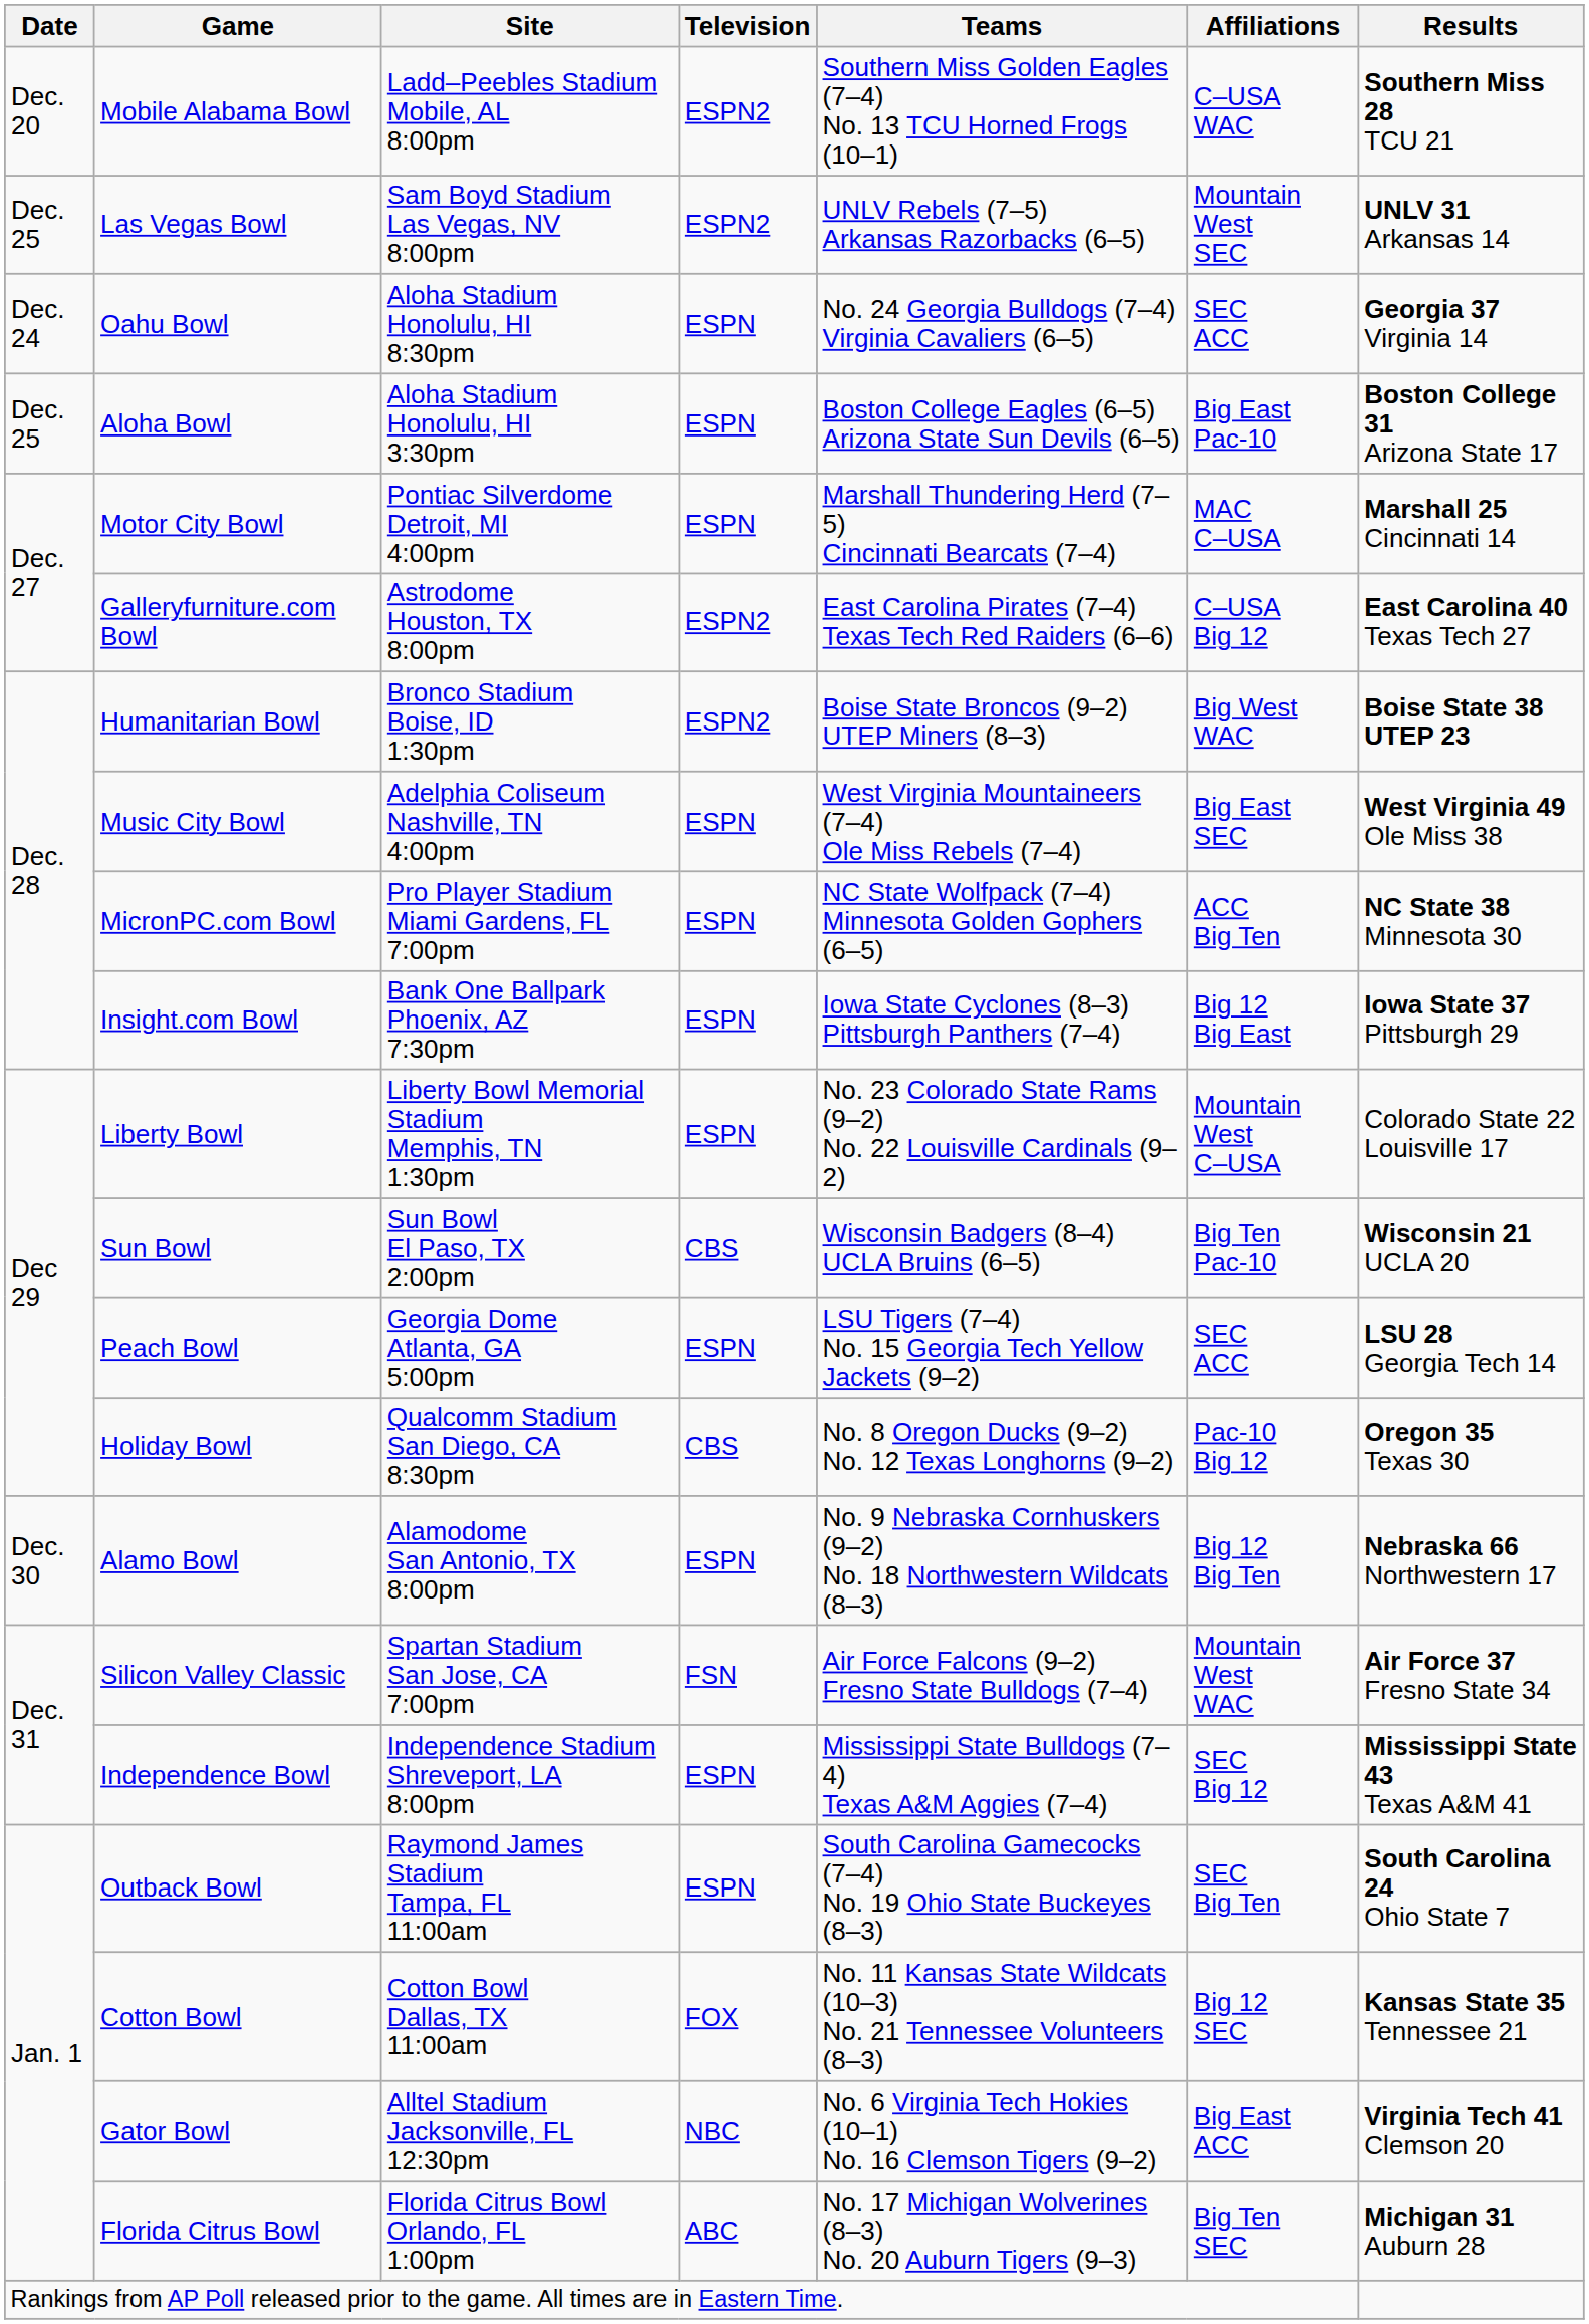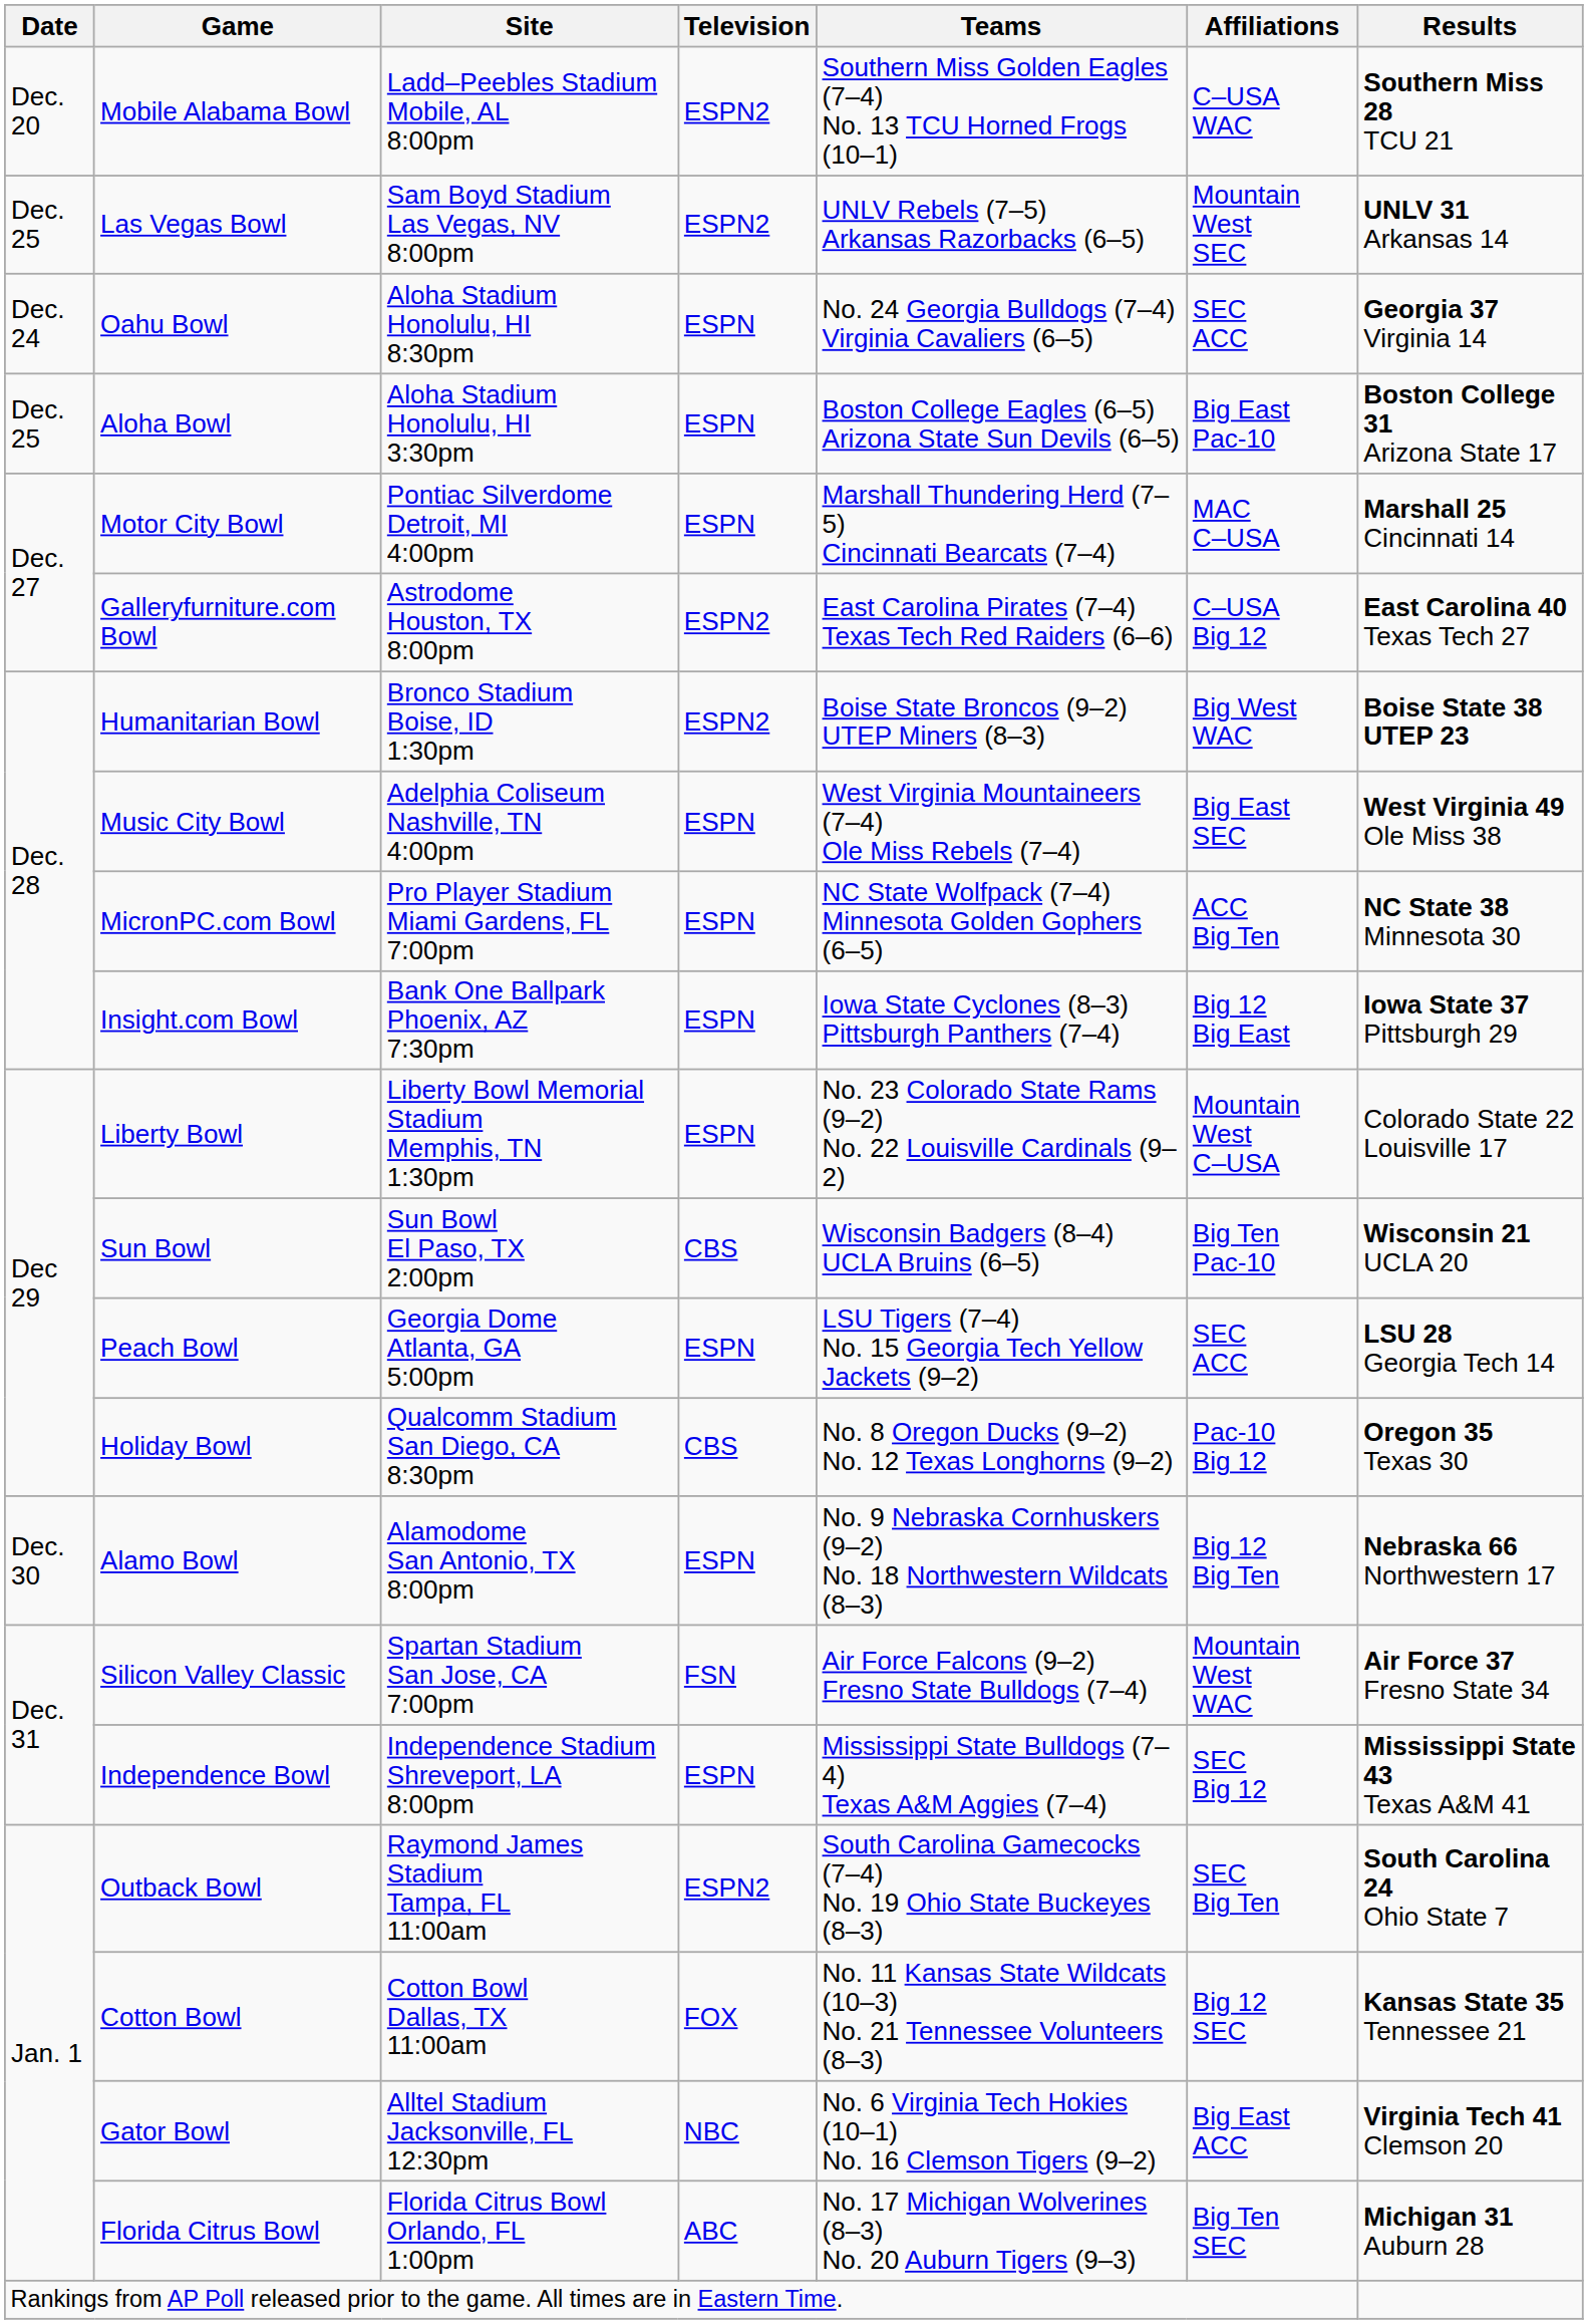 <table class="wikitable" style="font-size:90%">
 <tr>
 <th>Date</th>
 <th>Game</th>
 <th>Site</th>
 <th>Television</th>
 <th>Teams</th>
 <th>Affiliations</th>
 <th>Results</th>
 </tr>
 <tr>
 <td>Dec. 20</td>
 <td><a href='#'>Mobile Alabama Bowl</a></td>
 <td><a href='#'>Ladd–Peebles Stadium</a><br><a href='#'>Mobile, AL</a><br>8:00pm</td>
 <td><a href='#'>ESPN2</a></td>
 <td><a href='#'>Southern Miss Golden Eagles</a> (7–4)<br>No. 13 <a href='#'>TCU Horned Frogs</a> (10–1)</td>
 <td><a href='#'>C–USA</a><br><a href='#'>WAC</a></td>
 <td><strong>Southern Miss 28</strong><br>TCU 21</td>
 </tr>
 <tr>
 <td>Dec. 25</td>
 <td><a href='#'>Las Vegas Bowl</a></td>
 <td><a href='#'>Sam Boyd Stadium</a><br><a href='#'>Las Vegas, NV</a><br>8:00pm</td>
 <td><a href='#'>ESPN2</a></td>
 <td><a href='#'>UNLV Rebels</a> (7–5)<br><a href='#'>Arkansas Razorbacks</a> (6–5)</td>
 <td><a href='#'>Mountain West</a><br><a href='#'>SEC</a></td>
 <td><strong>UNLV 31</strong><br>Arkansas 14</td>
 </tr>
 <tr>
 <td>Dec. 24</td>
 <td><a href='#'>Oahu Bowl</a></td>
 <td><a href='#'>Aloha Stadium</a><br><a href='#'>Honolulu, HI</a><br>8:30pm</td>
 <td><a href='#'>ESPN</a></td>
 <td>No. 24 <a href='#'>Georgia Bulldogs</a> (7–4)<br><a href='#'>Virginia Cavaliers</a> (6–5)</td>
 <td><a href='#'>SEC</a><br><a href='#'>ACC</a></td>
 <td><strong>Georgia 37</strong><br>Virginia 14</td>
 </tr>
 <tr>
 <td>Dec. 25</td>
 <td><a href='#'>Aloha Bowl</a></td>
 <td><a href='#'>Aloha Stadium</a><br><a href='#'>Honolulu, HI</a><br>3:30pm</td>
 <td><a href='#'>ESPN</a></td>
 <td><a href='#'>Boston College Eagles</a> (6–5)<br><a href='#'>Arizona State Sun Devils</a> (6–5)</td>
 <td><a href='#'>Big East</a><br><a href='#'>Pac-10</a></td>
 <td><strong>Boston College 31</strong><br>Arizona State 17</td>
 </tr>
 <tr>
 <td rowspan=2>Dec. 27</td>
 <td><a href='#'>Motor City Bowl</a></td>
 <td><a href='#'>Pontiac Silverdome</a><br><a href='#'>Detroit, MI</a><br>4:00pm</td>
 <td><a href='#'>ESPN</a></td>
 <td><a href='#'>Marshall Thundering Herd</a> (7–5)<br><a href='#'>Cincinnati Bearcats</a> (7–4)</td>
 <td><a href='#'>MAC</a><br><a href='#'>C–USA</a></td>
 <td><strong>Marshall 25</strong><br>Cincinnati 14</td>
 </tr>
 <tr>
 <td><a href='#'>Galleryfurniture.com Bowl</a></td>
 <td><a href='#'>Astrodome</a><br><a href='#'>Houston, TX</a><br>8:00pm</td>
 <td><a href='#'>ESPN2</a></td>
 <td><a href='#'>East Carolina Pirates</a> (7–4)<br><a href='#'>Texas Tech Red Raiders</a> (6–6)</td>
 <td><a href='#'>C–USA</a><br><a href='#'>Big 12</a></td>
 <td><strong>East Carolina 40</strong><br>Texas Tech 27</td>
 </tr>
 <tr>
 <td rowspan=4>Dec. 28</td>
 <td><a href='#'>Humanitarian Bowl</a></td>
 <td><a href='#'>Bronco Stadium</a><br><a href='#'>Boise, ID</a><br>1:30pm</td>
 <td><a href='#'>ESPN2</a></td>
 <td><a href='#'>Boise State Broncos</a> (9–2)<br><a href='#'>UTEP Miners</a> (8–3)</td>
 <td><a href='#'>Big West</a><br><a href='#'>WAC</a></td>
 <td><strong>Boise State 38<br>UTEP 23</strong></td>
 </tr>
 <tr>
 <td><a href='#'>Music City Bowl</a></td>
 <td><a href='#'>Adelphia Coliseum</a><br><a href='#'>Nashville, TN</a><br>4:00pm</td>
 <td><a href='#'>ESPN</a></td>
 <td><a href='#'>West Virginia Mountaineers</a> (7–4)<br><a href='#'>Ole Miss Rebels</a> (7–4)</td>
 <td><a href='#'>Big East</a><br><a href='#'>SEC</a></td>
 <td><strong>West Virginia 49</strong><br>Ole Miss 38</td>
 </tr>
 <tr>
 <td><a href='#'>MicronPC.com Bowl</a></td>
 <td><a href='#'>Pro Player Stadium</a><br><a href='#'>Miami Gardens, FL</a><br>7:00pm</td>
 <td><a href='#'>ESPN</a></td>
 <td><a href='#'>NC State Wolfpack</a> (7–4)<br><a href='#'>Minnesota Golden Gophers</a> (6–5)</td>
 <td><a href='#'>ACC</a><br><a href='#'>Big Ten</a></td>
 <td><strong>NC State 38</strong><br>Minnesota 30</td>
 </tr>
 <tr>
 <td><a href='#'>Insight.com Bowl</a></td>
 <td><a href='#'>Bank One Ballpark</a><br><a href='#'>Phoenix, AZ</a><br>7:30pm</td>
 <td><a href='#'>ESPN</a></td>
 <td><a href='#'>Iowa State Cyclones</a> (8–3)<br><a href='#'>Pittsburgh Panthers</a> (7–4)</td>
 <td><a href='#'>Big 12</a><br><a href='#'>Big East</a></td>
 <td><strong>Iowa State 37</strong><br>Pittsburgh 29</td>
 </tr>
 <tr>
 <td rowspan=4>Dec 29</td>
 <td><a href='#'>Liberty Bowl</a></td>
 <td><a href='#'>Liberty Bowl Memorial Stadium</a><br><a href='#'>Memphis, TN</a><br>1:30pm</td>
 <td><a href='#'>ESPN</a></td>
 <td>No. 23 <a href='#'>Colorado State Rams</a> (9–2)<br>No. 22 <a href='#'>Louisville Cardinals</a> (9–2)</td>
 <td><a href='#'>Mountain West</a><br><a href='#'>C–USA</a></td>
 <td>Colorado State 22<br>Louisville 17</td>
 </tr>
 <tr>
 <td><a href='#'>Sun Bowl</a></td>
 <td><a href='#'>Sun Bowl</a><br><a href='#'>El Paso, TX</a><br>2:00pm</td>
 <td><a href='#'>CBS</a></td>
 <td><a href='#'>Wisconsin Badgers</a> (8–4)<br><a href='#'>UCLA Bruins</a> (6–5)</td>
 <td><a href='#'>Big Ten</a><br><a href='#'>Pac-10</a></td>
 <td><strong>Wisconsin 21</strong><br>UCLA 20</td>
 </tr>
 <tr>
 <td><a href='#'>Peach Bowl</a></td>
 <td><a href='#'>Georgia Dome</a><br><a href='#'>Atlanta, GA</a><br>5:00pm</td>
 <td><a href='#'>ESPN</a></td>
 <td><a href='#'>LSU Tigers</a> (7–4)<br>No. 15 <a href='#'>Georgia Tech Yellow Jackets</a> (9–2)</td>
 <td><a href='#'>SEC</a><br><a href='#'>ACC</a></td>
 <td><strong>LSU 28</strong><br>Georgia Tech 14</td>
 </tr>
 <tr>
 <td><a href='#'>Holiday Bowl</a></td>
 <td><a href='#'>Qualcomm Stadium</a><br><a href='#'>San Diego, CA</a><br>8:30pm</td>
 <td><a href='#'>CBS</a></td>
 <td>No. 8 <a href='#'>Oregon Ducks</a> (9–2)<br>No. 12 <a href='#'>Texas Longhorns</a> (9–2)</td>
 <td><a href='#'>Pac-10</a><br><a href='#'>Big 12</a></td>
 <td><strong>Oregon 35</strong><br>Texas 30</td>
 </tr>
 <tr>
 <td>Dec. 30</td>
 <td><a href='#'>Alamo Bowl</a></td>
 <td><a href='#'>Alamodome</a><br><a href='#'>San Antonio, TX</a><br>8:00pm</td>
 <td><a href='#'>ESPN</a></td>
 <td>No. 9 <a href='#'>Nebraska Cornhuskers</a> (9–2)<br>No. 18 <a href='#'>Northwestern Wildcats</a> (8–3)</td>
 <td><a href='#'>Big 12</a><br><a href='#'>Big Ten</a></td>
 <td><strong>Nebraska 66</strong><br>Northwestern 17</td>
 </tr>
 <tr>
 <td rowspan=2>Dec. 31</td>
 <td><a href='#'>Silicon Valley Classic</a></td>
 <td><a href='#'>Spartan Stadium</a><br><a href='#'>San Jose, CA</a><br>7:00pm</td>
 <td><a href='#'>FSN</a></td>
 <td><a href='#'>Air Force Falcons</a> (9–2)<br><a href='#'>Fresno State Bulldogs</a> (7–4)</td>
 <td><a href='#'>Mountain West</a><br><a href='#'>WAC</a></td>
 <td><strong>Air Force 37</strong><br>Fresno State 34</td>
 </tr>
 <tr>
 <td><a href='#'>Independence Bowl</a></td>
 <td><a href='#'>Independence Stadium</a><br><a href='#'>Shreveport, LA</a><br>8:00pm</td>
 <td><a href='#'>ESPN</a></td>
 <td><a href='#'>Mississippi State Bulldogs</a> (7–4)<br><a href='#'>Texas A&M Aggies</a> (7–4)</td>
 <td><a href='#'>SEC</a><br><a href='#'>Big 12</a></td>
 <td><strong>Mississippi State 43</strong><br>Texas A&M 41</td>
 </tr>
 <tr>
 <td rowspan=4>Jan. 1</td>
 <td><a href='#'>Outback Bowl</a></td>
 <td><a href='#'>Raymond James Stadium</a><br><a href='#'>Tampa, FL</a><br>11:00am</td>
-<td><a href='#'>ESPN</a></td>
+<td><a href='#'>ESPN2</a></td>
 <td><a href='#'>South Carolina Gamecocks</a> (7–4)<br>No. 19 <a href='#'>Ohio State Buckeyes</a> (8–3)</td>
 <td><a href='#'>SEC</a><br><a href='#'>Big Ten</a></td>
 <td><strong>South Carolina 24</strong><br>Ohio State 7</td>
 </tr>
 <tr>
 <td><a href='#'>Cotton Bowl</a></td>
 <td><a href='#'>Cotton Bowl</a><br><a href='#'>Dallas, TX</a><br>11:00am</td>
 <td><a href='#'>FOX</a></td>
 <td>No. 11 <a href='#'>Kansas State Wildcats</a> (10–3)<br>No. 21 <a href='#'>Tennessee Volunteers</a> (8–3)</td>
 <td><a href='#'>Big 12</a><br><a href='#'>SEC</a></td>
 <td><strong>Kansas State 35</strong><br>Tennessee 21</td>
 </tr>
 <tr>
 <td><a href='#'>Gator Bowl</a></td>
 <td><a href='#'>Alltel Stadium</a><br><a href='#'>Jacksonville, FL</a><br>12:30pm</td>
 <td><a href='#'>NBC</a></td>
 <td>No. 6 <a href='#'>Virginia Tech Hokies</a> (10–1)<br>No. 16 <a href='#'>Clemson Tigers</a> (9–2)</td>
 <td><a href='#'>Big East</a><br><a href='#'>ACC</a></td>
 <td><strong>Virginia Tech 41</strong><br>Clemson 20</td>
 </tr>
 <tr>
 <td><a href='#'>Florida Citrus Bowl</a></td>
 <td><a href='#'>Florida Citrus Bowl</a><br><a href='#'>Orlando, FL</a><br>1:00pm</td>
 <td><a href='#'>ABC</a></td>
 <td>No. 17 <a href='#'>Michigan Wolverines</a> (8–3)<br>No. 20 <a href='#'>Auburn Tigers</a> (9–3)</td>
 <td><a href='#'>Big Ten</a><br><a href='#'>SEC</a></td>
 <td><strong>Michigan 31</strong><br>Auburn 28</td>
 </tr>
 <tr>
 <td colspan=6 style="font-size:90%;">Rankings from <a href='#'>AP Poll</a> released prior to the game. All times are in <a href='#'>Eastern Time</a>.</td>
 </tr>
 </table>
